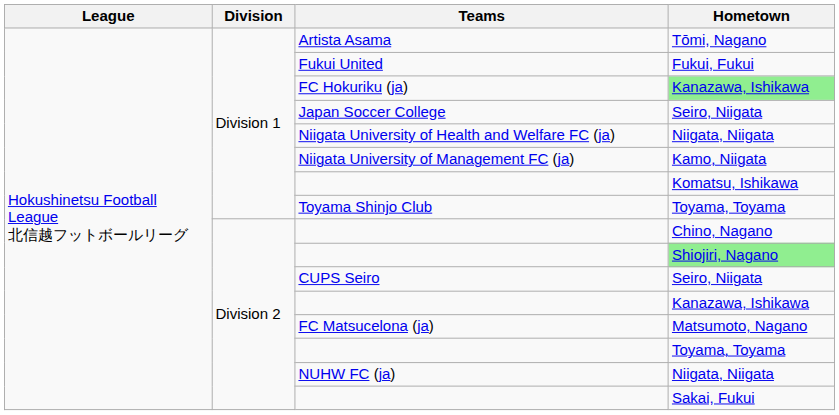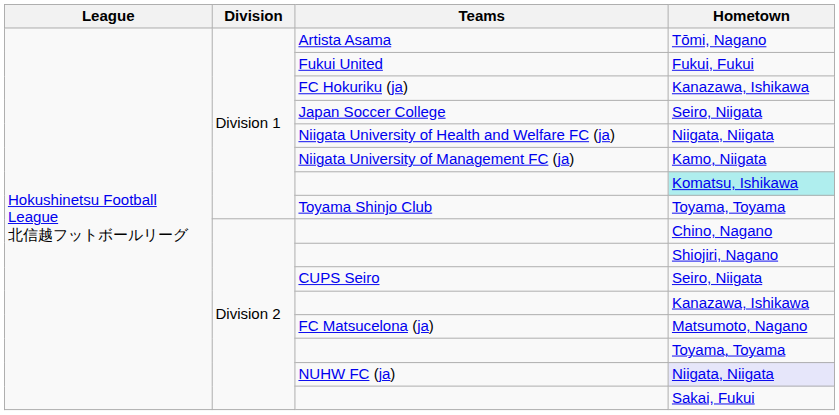 <table class="wikitable" width=100%>
 <tr>
 <th width=25%>League</th>
 <th width=10%>Division</th>
 <th width=45%>Teams</th>
 <th width=20%>Hometown</th>
 </tr>
 <tr>
 <td rowspan="16"><a href='#'>Hokushinetsu Football League</a><br>北信越フットボールリーグ</td>
 <td rowspan="8">Division 1</td>
 <td><a href='#'>Artista Asama</a></td>
 <td><a href='#'>Tōmi, Nagano</a></td>
 </tr>
 <tr>
 <td><a href='#'>Fukui United</a></td>
 <td><a href='#'>Fukui, Fukui</a></td>
 </tr>
 <tr>
 <td><a href='#'>FC Hokuriku</a> (<a href='#'>ja</a>) </td>
-<td style="background: lightgreen;"><a href='#'>Kanazawa, Ishikawa</a></td>
+<td><a href='#'>Kanazawa, Ishikawa</a></td>
 </tr>
 <tr>
 <td><a href='#'>Japan Soccer College</a></td>
 <td><a href='#'>Seiro, Niigata</a></td>
 </tr>
 <tr>
 <td><a href='#'>Niigata University of Health and Welfare FC</a> (<a href='#'>ja</a>)</td>
 <td><a href='#'>Niigata, Niigata</a></td>
 </tr>
 <tr>
 <td><a href='#'>Niigata University of Management FC</a> (<a href='#'>ja</a>)</td>
 <td><a href='#'>Kamo, Niigata</a></td>
 </tr>
 <tr>
 <td></td>
-<td><a href='#'>Komatsu, Ishikawa</a></td>
+<td style="background: paleturquoise;"><a href='#'>Komatsu, Ishikawa</a></td>
 </tr>
 <tr>
 <td><a href='#'>Toyama Shinjo Club</a></td>
 <td><a href='#'>Toyama, Toyama</a></td>
 </tr>
 <tr>
 <td rowspan="8">Division 2</td>
 <td> </td>
 <td><a href='#'>Chino, Nagano</a></td>
 </tr>
 <tr>
 <td></td>
-<td style="background: lightgreen;"><a href='#'>Shiojiri, Nagano</a></td>
+<td><a href='#'>Shiojiri, Nagano</a></td>
 </tr>
 <tr>
 <td><a href='#'>CUPS Seiro</a></td>
 <td><a href='#'>Seiro, Niigata</a></td>
 </tr>
 <tr>
 <td> </td>
 <td><a href='#'>Kanazawa, Ishikawa</a></td>
 </tr>
 <tr>
 <td><a href='#'>FC Matsucelona</a> (<a href='#'>ja</a>)</td>
 <td><a href='#'>Matsumoto, Nagano</a></td>
 </tr>
 <tr>
 <td></td>
 <td><a href='#'>Toyama, Toyama</a></td>
 </tr>
 <tr>
 <td><a href='#'>NUHW FC</a> (<a href='#'>ja</a>)</td>
-<td><a href='#'>Niigata, Niigata</a></td>
+<td style="background: lavender;"><a href='#'>Niigata, Niigata</a></td>
 </tr>
 <tr>
 <td> </td>
 <td><a href='#'>Sakai, Fukui</a></td>
 </tr>
 </table>
